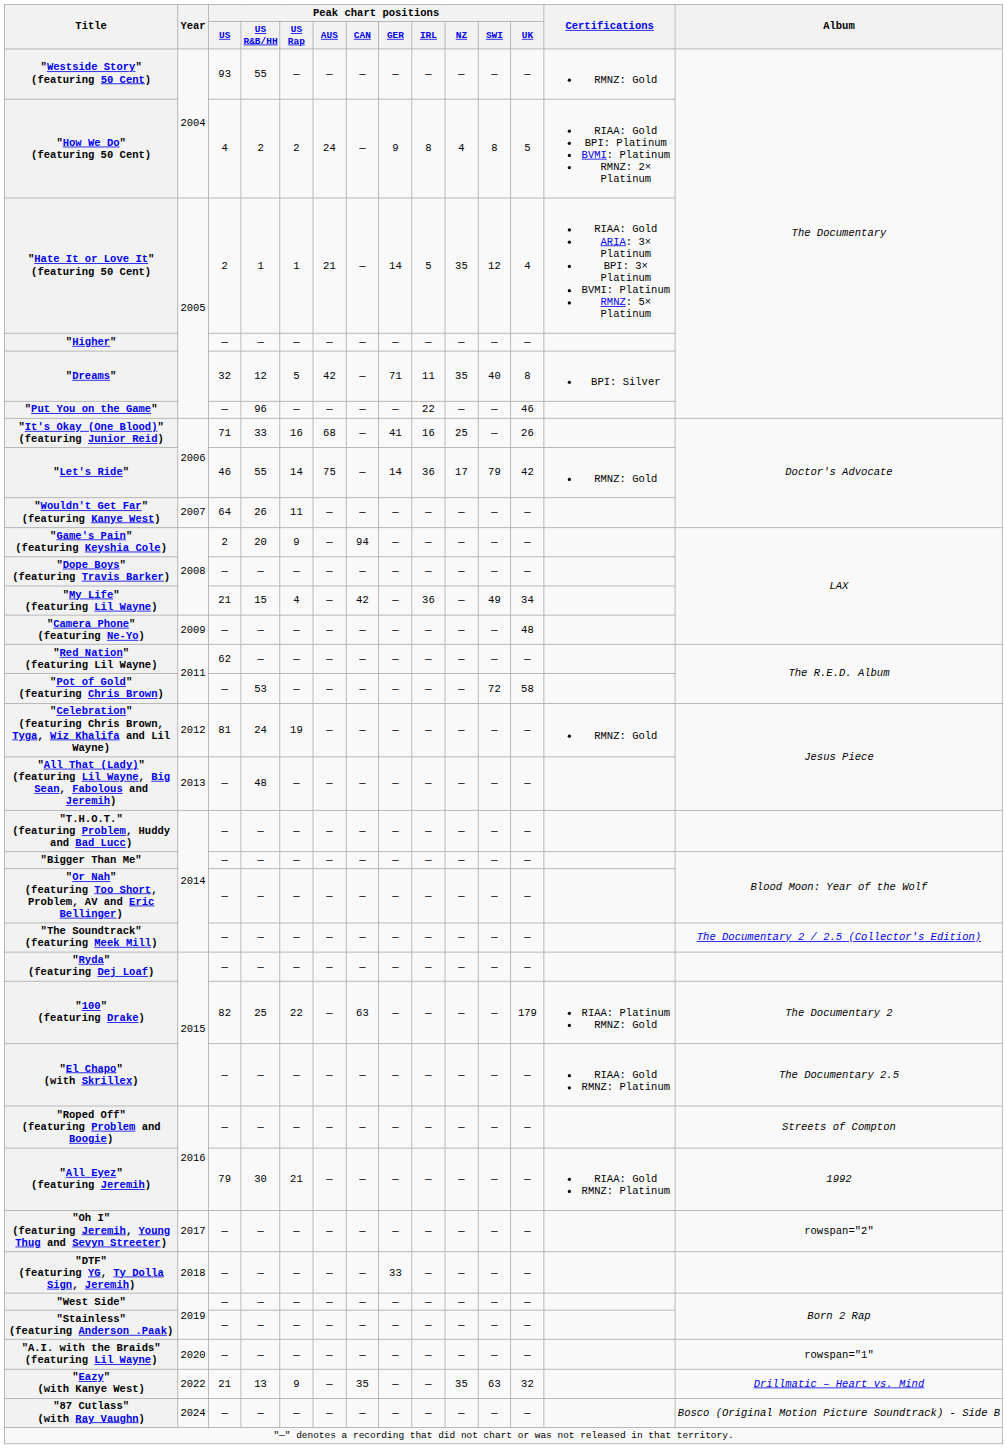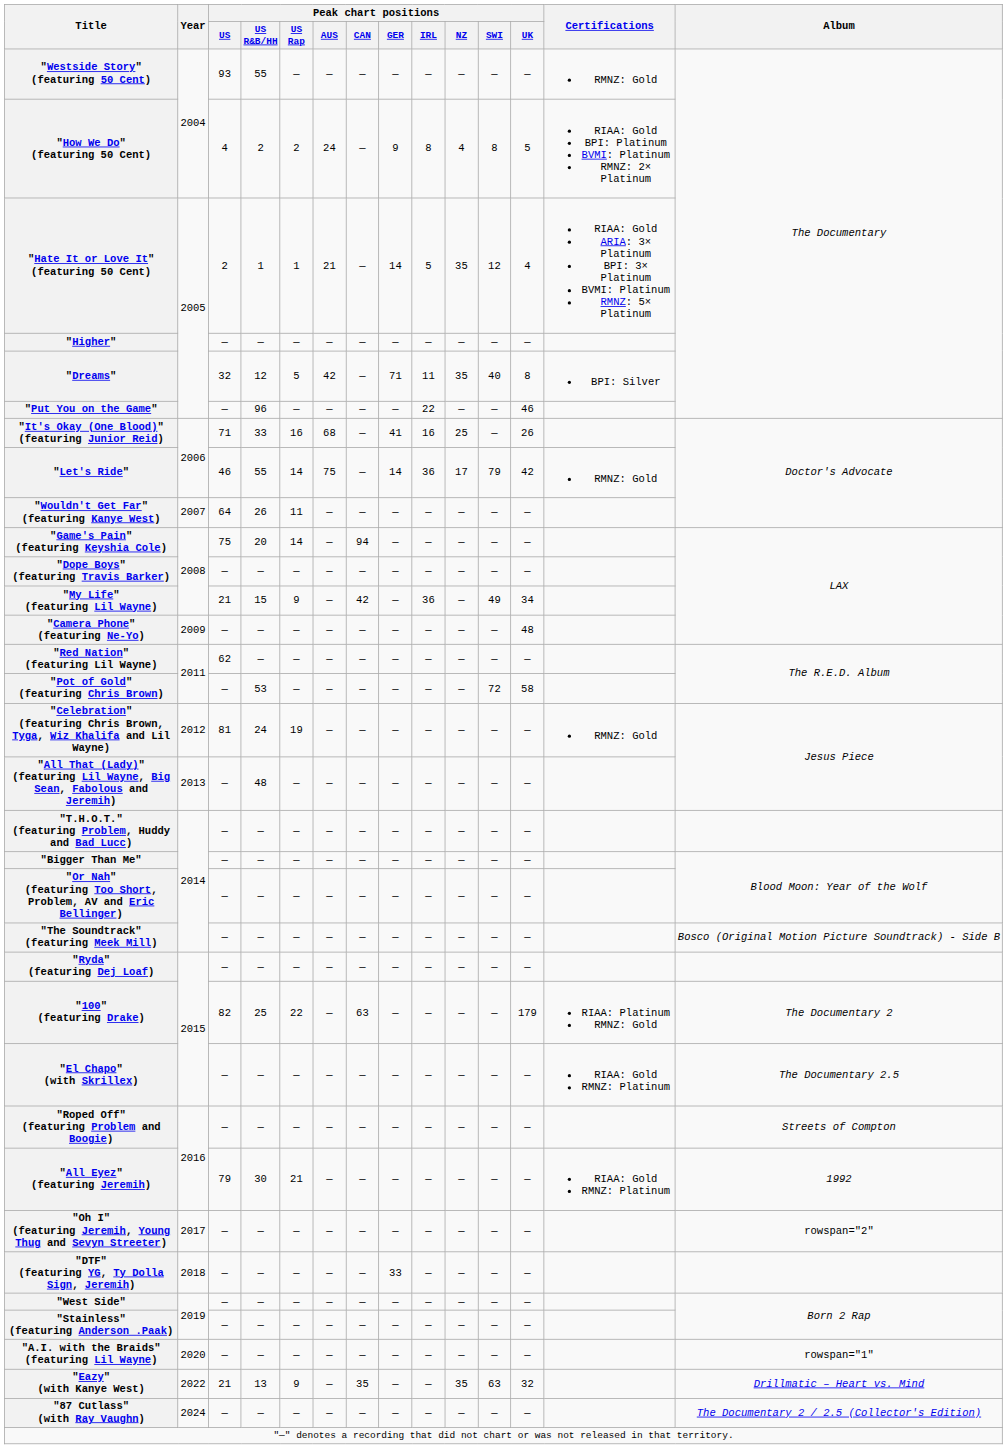 <table class="wikitable plainrowheaders" style="text-align:center;">
 <tr>
 <th scope="col" rowspan="2" style="width:16em;">Title</th>
 <th scope="col" rowspan="2">Year</th>
 <th scope="col" colspan="10">Peak chart positions</th>
 <th scope="col" rowspan="2" style="width:12em;"><a href='#'>Certifications</a></th>
 <th scope="col" rowspan="2">Album</th>
 </tr>
 <tr>
 <th scope="col" style="width:3em;font-size:90%;"><a href='#'>US</a><br></th>
 <th scope="col" style="width:3em;font-size:90%;"><a href='#'>US<br>R&B/HH</a><br></th>
 <th scope="col" style="width:3em;font-size:90%;"><a href='#'>US<br>Rap</a><br></th>
 <th scope="col" style="width:3em;font-size:90%;"><a href='#'>AUS</a><br></th>
 <th scope="col" style="width:3em;font-size:90%;"><a href='#'>CAN</a><br></th>
 <th scope="col" style="width:3em;font-size:90%;"><a href='#'>GER</a><br></th>
 <th scope="col" style="width:3em;font-size:90%;"><a href='#'>IRL</a><br></th>
 <th scope="col" style="width:3em;font-size:90%;"><a href='#'>NZ</a><br></th>
 <th scope="col" style="width:3em;font-size:90%;"><a href='#'>SWI</a><br></th>
 <th scope="col" style="width:3em;font-size:90%;"><a href='#'>UK</a><br></th>
 </tr>
 <tr>
 <th scope="row">"<a href='#'>Westside Story</a>" <br><span>(featuring <a href='#'>50 Cent</a>)</span></th>
 <td rowspan="2">2004</td>
 <td>93</td>
 <td>55</td>
 <td>—</td>
 <td>—</td>
 <td>—</td>
 <td>—</td>
 <td>—</td>
 <td>—</td>
 <td>—</td>
 <td>—</td>
 <td><br><ul><li>RMNZ: Gold</li></ul></td>
 <td rowspan="6"><em>The Documentary</em></td>
 </tr>
 <tr>
 <th scope="row">"<a href='#'>How We Do</a>" <br><span>(featuring 50 Cent)</span></th>
 <td>4</td>
 <td>2</td>
 <td>2</td>
 <td>24</td>
 <td>—</td>
 <td>9</td>
 <td>8</td>
 <td>4</td>
 <td>8</td>
 <td>5</td>
 <td><br><ul><li>RIAA: Gold</li><li>BPI: Platinum</li><li><a href='#'>BVMI</a>: Platinum</li><li>RMNZ: 2× Platinum</li></ul></td>
 </tr>
 <tr>
 <th scope="row">"<a href='#'>Hate It or Love It</a>" <br><span>(featuring 50 Cent)</span></th>
 <td rowspan="4">2005</td>
 <td>2</td>
 <td>1</td>
 <td>1</td>
 <td>21</td>
 <td>—</td>
 <td>14</td>
 <td>5</td>
 <td>35</td>
 <td>12</td>
 <td>4</td>
 <td><br><ul><li>RIAA: Gold</li><li><a href='#'>ARIA</a>: 3× Platinum</li><li>BPI: 3× Platinum</li><li>BVMI: Platinum</li><li><a href='#'>RMNZ</a>: 5× Platinum</li></ul></td>
 </tr>
 <tr>
 <th scope="row">"<a href='#'>Higher</a>"</th>
 <td>—</td>
 <td>—</td>
 <td>—</td>
 <td>—</td>
 <td>—</td>
 <td>—</td>
 <td>—</td>
 <td>—</td>
 <td>—</td>
 <td>—</td>
 </tr>
 <tr>
 <th scope="row">"<a href='#'>Dreams</a>"</th>
 <td>32</td>
 <td>12</td>
 <td>5</td>
 <td>42</td>
 <td>—</td>
 <td>71</td>
 <td>11</td>
 <td>35</td>
 <td>40</td>
 <td>8</td>
 <td><br><ul><li>BPI: Silver</li></ul></td>
 </tr>
 <tr>
 <th scope="row">"<a href='#'>Put You on the Game</a>"</th>
 <td>—</td>
 <td>96</td>
 <td>—</td>
 <td>—</td>
 <td>—</td>
 <td>—</td>
 <td>22</td>
 <td>—</td>
 <td>—</td>
 <td>46</td>
 <td></td>
 </tr>
 <tr>
 <th scope="row">"<a href='#'>It's Okay (One Blood)</a>" <br><span>(featuring <a href='#'>Junior Reid</a>)</span></th>
 <td rowspan="2">2006</td>
 <td>71</td>
 <td>33</td>
 <td>16</td>
 <td>68</td>
 <td>—</td>
 <td>41</td>
 <td>16</td>
 <td>25</td>
 <td>—</td>
 <td>26</td>
 <td></td>
 <td rowspan="3"><em>Doctor's Advocate</em></td>
 </tr>
 <tr>
 <th scope="row">"<a href='#'>Let's Ride</a>"</th>
 <td>46</td>
 <td>55</td>
 <td>14</td>
 <td>75</td>
 <td>—</td>
 <td>14</td>
 <td>36</td>
 <td>17</td>
 <td>79</td>
 <td>42</td>
 <td><br><ul><li>RMNZ: Gold</li></ul></td>
 </tr>
 <tr>
 <th scope="row">"<a href='#'>Wouldn't Get Far</a>" <br><span>(featuring <a href='#'>Kanye West</a>)</span></th>
 <td>2007</td>
 <td>64</td>
 <td>26</td>
 <td>11</td>
 <td>—</td>
 <td>—</td>
 <td>—</td>
 <td>—</td>
 <td>—</td>
 <td>—</td>
 <td>—</td>
 <td></td>
 </tr>
 <tr>
 <th scope="row">"<a href='#'>Game's Pain</a>" <br><span>(featuring <a href='#'>Keyshia Cole</a>)</span></th>
 <td rowspan="3">2008</td>
-<td>2</td>
+<td>75</td>
 <td>20</td>
-<td>9</td>
+<td>14</td>
 <td>—</td>
 <td>94</td>
 <td>—</td>
 <td>—</td>
 <td>—</td>
 <td>—</td>
 <td>—</td>
 <td></td>
 <td rowspan="4"><em>LAX</em></td>
 </tr>
 <tr>
 <th scope="row">"<a href='#'>Dope Boys</a>" <br><span>(featuring <a href='#'>Travis Barker</a>)</span></th>
 <td>—</td>
 <td>—</td>
 <td>—</td>
 <td>—</td>
 <td>—</td>
 <td>—</td>
 <td>—</td>
 <td>—</td>
 <td>—</td>
 <td>—</td>
 <td></td>
 </tr>
 <tr>
 <th scope="row">"<a href='#'>My Life</a>"<br><span>(featuring <a href='#'>Lil Wayne</a>)</span></th>
 <td>21</td>
 <td>15</td>
-<td>4</td>
+<td>9</td>
 <td>—</td>
 <td>42</td>
 <td>—</td>
 <td>36</td>
 <td>—</td>
 <td>49</td>
 <td>34</td>
 <td></td>
 </tr>
 <tr>
 <th scope="row">"<a href='#'>Camera Phone</a>"<br><span>(featuring <a href='#'>Ne-Yo</a>)</span></th>
 <td>2009</td>
 <td>—</td>
 <td>—</td>
 <td>—</td>
 <td>—</td>
 <td>—</td>
 <td>—</td>
 <td>—</td>
 <td>—</td>
 <td>—</td>
 <td>48</td>
 <td></td>
 </tr>
 <tr>
 <th scope="row">"<a href='#'>Red Nation</a>"<br><span>(featuring Lil Wayne)</span></th>
 <td rowspan="2">2011</td>
 <td>62</td>
 <td>—</td>
 <td>—</td>
 <td>—</td>
 <td>—</td>
 <td>—</td>
 <td>—</td>
 <td>—</td>
 <td>—</td>
 <td>—</td>
 <td></td>
 <td rowspan="2"><em>The R.E.D. Album</em></td>
 </tr>
 <tr>
 <th scope="row">"<a href='#'>Pot of Gold</a>"<br><span>(featuring <a href='#'>Chris Brown</a>)</span></th>
 <td>—</td>
 <td>53</td>
 <td>—</td>
 <td>—</td>
 <td>—</td>
 <td>—</td>
 <td>—</td>
 <td>—</td>
 <td>72</td>
 <td>58</td>
 <td></td>
 </tr>
 <tr>
 <th scope="row">"<a href='#'>Celebration</a>"<br><span>(featuring Chris Brown, <a href='#'>Tyga</a>, <a href='#'>Wiz Khalifa</a> and Lil Wayne)</span></th>
 <td>2012</td>
 <td>81</td>
 <td>24</td>
 <td>19</td>
 <td>—</td>
 <td>—</td>
 <td>—</td>
 <td>—</td>
 <td>—</td>
 <td>—</td>
 <td>—</td>
 <td><br><ul><li>RMNZ: Gold</li></ul></td>
 <td rowspan="2"><em>Jesus Piece</em></td>
 </tr>
 <tr>
 <th scope="row">"<a href='#'>All That (Lady)</a>"<br><span>(featuring <a href='#'>Lil Wayne</a>, <a href='#'>Big Sean</a>, <a href='#'>Fabolous</a> and <a href='#'>Jeremih</a>)</span></th>
 <td>2013</td>
 <td>—</td>
 <td>48</td>
 <td>—</td>
 <td>—</td>
 <td>—</td>
 <td>—</td>
 <td>—</td>
 <td>—</td>
 <td>—</td>
 <td>—</td>
 <td></td>
 </tr>
 <tr>
 <th scope="row">"T.H.O.T."<br><span>(featuring <a href='#'>Problem</a>, Huddy and <a href='#'>Bad Lucc</a>)</span></th>
 <td rowspan="4">2014</td>
 <td>—</td>
 <td>—</td>
 <td>—</td>
 <td>—</td>
 <td>—</td>
 <td>—</td>
 <td>—</td>
 <td>—</td>
 <td>—</td>
 <td>—</td>
 <td></td>
 <td></td>
 </tr>
 <tr>
 <th scope="row">"Bigger Than Me"</th>
 <td>—</td>
 <td>—</td>
 <td>—</td>
 <td>—</td>
 <td>—</td>
 <td>—</td>
 <td>—</td>
 <td>—</td>
 <td>—</td>
 <td>—</td>
 <td></td>
 <td rowspan="2"><em>Blood Moon: Year of the Wolf</em></td>
 </tr>
 <tr>
 <th scope="row">"<a href='#'>Or Nah</a>"<br><span>(featuring <a href='#'>Too Short</a>, Problem, AV and <a href='#'>Eric Bellinger</a>)</span></th>
 <td>—</td>
 <td>—</td>
 <td>—</td>
 <td>—</td>
 <td>—</td>
 <td>—</td>
 <td>—</td>
 <td>—</td>
 <td>—</td>
 <td>—</td>
 <td></td>
 </tr>
 <tr>
 <th scope="row">"The Soundtrack"<br><span>(featuring <a href='#'>Meek Mill</a>)</span></th>
 <td>—</td>
 <td>—</td>
 <td>—</td>
 <td>—</td>
 <td>—</td>
 <td>—</td>
 <td>—</td>
 <td>—</td>
 <td>—</td>
 <td>—</td>
 <td></td>
-<td><em><a href='#'>The Documentary 2 / 2.5 (Collector's Edition)</a></em></td>
+<td><em>Bosco (Original Motion Picture Soundtrack) - Side B</em></td>
 </tr>
 <tr>
 <th scope="row">"<a href='#'>Ryda</a>"<br><span>(featuring <a href='#'>Dej Loaf</a>)</span></th>
 <td rowspan="3">2015</td>
 <td>—</td>
 <td>—</td>
 <td>—</td>
 <td>—</td>
 <td>—</td>
 <td>—</td>
 <td>—</td>
 <td>—</td>
 <td>—</td>
 <td>—</td>
 <td></td>
 <td></td>
 </tr>
 <tr>
 <th scope="row">"<a href='#'>100</a>"<br><span>(featuring <a href='#'>Drake</a>)</span></th>
 <td>82</td>
 <td>25</td>
 <td>22</td>
 <td>—</td>
 <td>63</td>
 <td>—</td>
 <td>—</td>
 <td>—</td>
 <td>—</td>
 <td>179</td>
 <td><br><ul><li>RIAA: Platinum</li><li>RMNZ: Gold</li></ul></td>
 <td><em>The Documentary 2</em></td>
 </tr>
 <tr>
 <th scope="row">"<a href='#'>El Chapo</a>"<br><span>(with <a href='#'>Skrillex</a>)</span></th>
 <td>—</td>
 <td>—</td>
 <td>—</td>
 <td>—</td>
 <td>—</td>
 <td>—</td>
 <td>—</td>
 <td>—</td>
 <td>—</td>
 <td>—</td>
 <td><br><ul><li>RIAA: Gold</li><li>RMNZ: Platinum</li></ul></td>
 <td><em>The Documentary 2.5</em></td>
 </tr>
 <tr>
 <th scope="row">"Roped Off"<br><span>(featuring <a href='#'>Problem</a> and <a href='#'>Boogie</a>)</span></th>
 <td rowspan="2">2016</td>
 <td>—</td>
 <td>—</td>
 <td>—</td>
 <td>—</td>
 <td>—</td>
 <td>—</td>
 <td>—</td>
 <td>—</td>
 <td>—</td>
 <td>—</td>
 <td></td>
 <td><em>Streets of Compton</em></td>
 </tr>
 <tr>
 <th scope="row">"<a href='#'>All Eyez</a>"<br><span>(featuring <a href='#'>Jeremih</a>)</span></th>
 <td>79</td>
 <td>30</td>
 <td>21</td>
 <td>—</td>
 <td>—</td>
 <td>—</td>
 <td>—</td>
 <td>—</td>
 <td>—</td>
 <td>—</td>
 <td><br><ul><li>RIAA: Gold</li><li>RMNZ: Platinum</li></ul></td>
 <td><em>1992</em></td>
 </tr>
 <tr>
 <th scope="row">"Oh I"<br><span>(featuring <a href='#'>Jeremih</a>, <a href='#'>Young Thug</a> and <a href='#'>Sevyn Streeter</a>)</span></th>
 <td>2017</td>
 <td>—</td>
 <td>—</td>
 <td>—</td>
 <td>—</td>
 <td>—</td>
 <td>—</td>
 <td>—</td>
 <td>—</td>
 <td>—</td>
 <td>—</td>
 <td></td>
 <td>rowspan="2" </td>
 </tr>
 <tr>
 <th scope="row">"DTF"<br><span>(featuring <a href='#'>YG</a>, <a href='#'>Ty Dolla Sign</a>, <a href='#'>Jeremih</a>)</span></th>
 <td>2018</td>
 <td>—</td>
 <td>—</td>
 <td>—</td>
 <td>—</td>
 <td>—</td>
 <td>33</td>
 <td>—</td>
 <td>—</td>
 <td>—</td>
 <td>—</td>
 <td></td>
 </tr>
 <tr>
 <th scope="row">"West Side"</th>
 <td rowspan="2">2019</td>
 <td>—</td>
 <td>—</td>
 <td>—</td>
 <td>—</td>
 <td>—</td>
 <td>—</td>
 <td>—</td>
 <td>—</td>
 <td>—</td>
 <td>—</td>
 <td></td>
 <td rowspan="2"><em>Born 2 Rap</em></td>
 </tr>
 <tr>
 <th scope="row">"Stainless"<br> <span>(featuring <a href='#'>Anderson .Paak</a>)</span></th>
 <td>—</td>
 <td>—</td>
 <td>—</td>
 <td>—</td>
 <td>—</td>
 <td>—</td>
 <td>—</td>
 <td>—</td>
 <td>—</td>
 <td>—</td>
 <td></td>
 </tr>
 <tr>
 <th scope="row">"A.I. with the Braids"<br><span>(featuring <a href='#'>Lil Wayne</a>)</span></th>
 <td>2020</td>
 <td>—</td>
 <td>—</td>
 <td>—</td>
 <td>—</td>
 <td>—</td>
 <td>—</td>
 <td>—</td>
 <td>—</td>
 <td>—</td>
 <td>—</td>
 <td></td>
 <td>rowspan="1" </td>
 </tr>
 <tr>
 <th scope="row">"<a href='#'>Eazy</a>"<br> <span>(with Kanye West)</span></th>
 <td rowspan="1">2022</td>
 <td>21</td>
 <td>13</td>
 <td>9</td>
 <td>—</td>
 <td>35</td>
 <td>—</td>
 <td>—</td>
 <td>35<br></td>
 <td>63</td>
 <td>32</td>
 <td></td>
 <td><em><a href='#'>Drillmatic – Heart vs. Mind</a></em></td>
 </tr>
 <tr>
 <th scope="row">"87 Cutlass"<br> <span>(with <a href='#'>Ray Vaughn</a>)</span></th>
 <td rowspan="1">2024</td>
 <td>—</td>
 <td>—</td>
 <td>—</td>
 <td>—</td>
 <td>—</td>
 <td>—</td>
 <td>—</td>
 <td>—</td>
 <td>—</td>
 <td>—</td>
 <td></td>
-<td><em>Bosco (Original Motion Picture Soundtrack) - Side B</em></td>
+<td><em><a href='#'>The Documentary 2 / 2.5 (Collector's Edition)</a></em></td>
 </tr>
 <tr>
 <td colspan="14" style="font-size:90%">"—" denotes a recording that did not chart or was not released in that territory.</td>
 </tr>
 </table>
